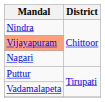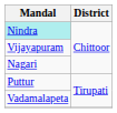 <table class="wikitable sortable static-row-numbers static-row-header-hash">
 <tr>
 <th>Mandal</th>
 <th>District</th>
 </tr>
 <tr>
-<td><a href='#'>Nindra</a></td>
+<td style="background: paleturquoise;"><a href='#'>Nindra</a></td>
 <td rowspan="3"><a href='#'>Chittoor</a></td>
 </tr>
 <tr>
-<td style="background: lightsalmon;"><a href='#'>Vijayapuram</a></td>
+<td><a href='#'>Vijayapuram</a></td>
 </tr>
 <tr>
 <td><a href='#'>Nagari</a></td>
 </tr>
 <tr>
 <td><a href='#'>Puttur</a></td>
 <td rowspan="2"><a href='#'>Tirupati</a></td>
 </tr>
 <tr>
 <td><a href='#'>Vadamalapeta</a></td>
 </tr>
 <tr>
 </tr>
 </table>
